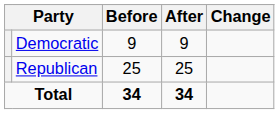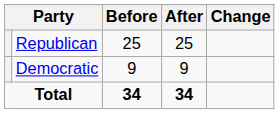 <table class="wikitable" style="text-align:center;">
 <tr>
 </tr>
 <tr>
 <th colspan=2>Party</th>
 <th>Before</th>
 <th>After</th>
 <th>Change</th>
 </tr>
 <tr>
 <th style="background-color:"></th>
-<td style="text-align:left;"><a href='#'>Democratic</a></td>
-<td>9</td>
-<td>9</td>
+<td style="text-align:left;"><a href='#'>Republican</a></td>
+<td>25</td>
+<td>25</td>
 <td></td>
 </tr>
 <tr>
 <th style="background-color:"></th>
-<td style="text-align:left;"><a href='#'>Republican</a></td>
-<td>25</td>
-<td>25</td>
+<td style="text-align:left;"><a href='#'>Democratic</a></td>
+<td>9</td>
+<td>9</td>
 <td></td>
 </tr>
 <tr>
 <td colspan=2><strong>Total</strong></td>
 <td><strong>34</strong></td>
 <td><strong>34</strong></td>
 <td></td>
 </tr>
 </table>
